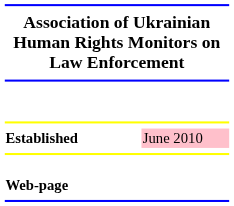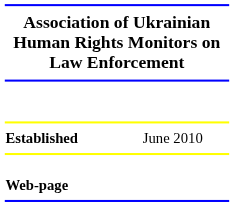 <table class="toccolours" style="float: right; margin: 0 0 .5em .5em; width: 16em; font-size: 90%;" cellspacing="5">
 <tr>
 <td colspan="2" bgcolor="#0000FF"></td>
 </tr>
 <tr>
 <th colspan="2" style="text-align: center; font-size: larger;">Association of Ukrainian Human Rights Monitors on Law Enforcement</th>
 </tr>
 <tr>
 <td colspan="2" bgcolor="#0000FF"></td>
 </tr>
 <tr>
 <td colspan="2" style="padding: 1em 0; text-align: center;"></td>
 </tr>
 <tr>
 <td colspan="2" bgcolor="#FFFF00"></td>
 </tr>
 <tr style="vertical-align: top; text-align: left;">
 <td><strong>Established</strong></td>
-<td style="background: pink;">June 2010</td>
+<td>June 2010</td>
 </tr>
 <tr>
 <td colspan="2" bgcolor="#FFFF00"></td>
 </tr>
 <tr style="vertical-align: top; text-align: left;">
 </tr>
 <tr style="vertical-align: top; text-align: left;">
 </tr>
 <tr>
 </tr>
 <tr style="vertical-align: top; text-align: left;">
 <td><strong>Web-page</strong></td>
 <td></td>
 </tr>
 <tr>
 <td colspan="2" bgcolor="#0000FF"></td>
 </tr>
 <tr>
 </tr>
 </table>
